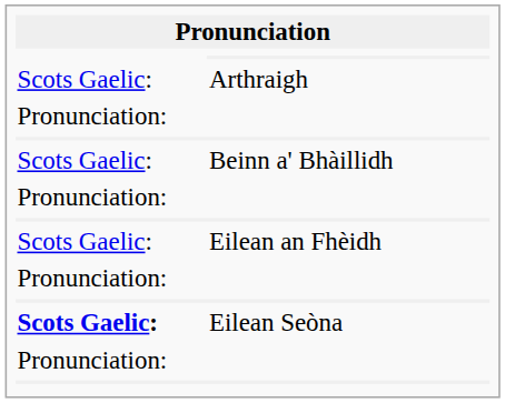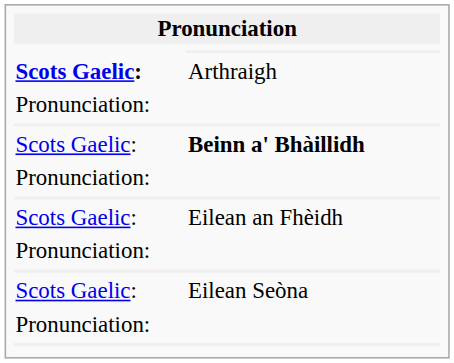 <table class="collapsible infobox collapsed" width="280" style="font-size: 90%;">
 <tr>
 <th colspan="2" bgcolor="#efefef">Pronunciation</th>
 </tr>
 <tr class="note">
 </tr>
 <tr style="vertical-align: top;">
 <td style="width: 40%;"></td>
 <th colspan="2" bgcolor="#efefef"></th>
 </tr>
 <tr>
-<td><a href='#'>Scots Gaelic</a>:</td>
+<td><strong><a href='#'>Scots Gaelic</a>:</strong></td>
 <td>Arthraigh</td>
 </tr>
 <tr>
 <td>Pronunciation:</td>
 <td></td>
 </tr>
 <tr>
 <th colspan="2" bgcolor="#efefef"></th>
 </tr>
 <tr>
 <td><a href='#'>Scots Gaelic</a>:</td>
-<td>Beinn a' Bhàillidh</td>
+<td><strong>Beinn a' Bhàillidh</strong></td>
 </tr>
 <tr>
 <td>Pronunciation:</td>
 <td></td>
 </tr>
 <tr>
 <th colspan="2" bgcolor="#efefef"></th>
 </tr>
 <tr>
 <td><a href='#'>Scots Gaelic</a>:</td>
 <td>Eilean an Fhèidh</td>
 </tr>
 <tr>
 <td>Pronunciation:</td>
 <td></td>
 </tr>
 <tr>
 <th colspan="2" bgcolor="#efefef"></th>
 </tr>
 <tr>
-<td><strong><a href='#'>Scots Gaelic</a>:</strong></td>
+<td><a href='#'>Scots Gaelic</a>:</td>
 <td>Eilean Seòna</td>
 </tr>
 <tr>
 <td>Pronunciation:</td>
 <td></td>
 </tr>
 <tr>
 <th colspan="2" bgcolor="#efefef"></th>
 </tr>
 <tr>
 </tr>
 </table>
